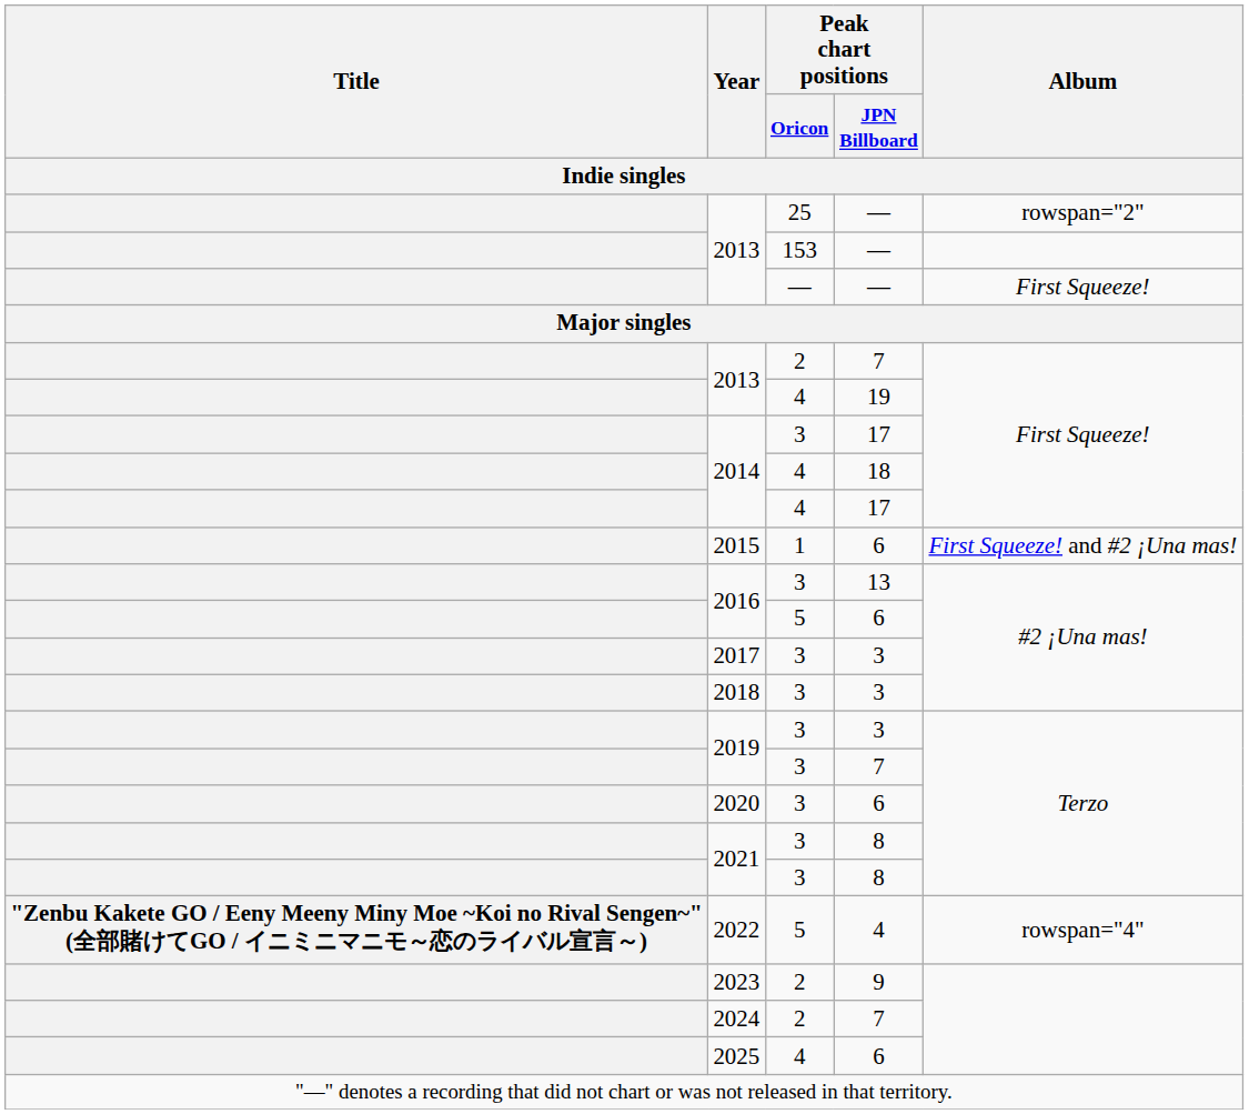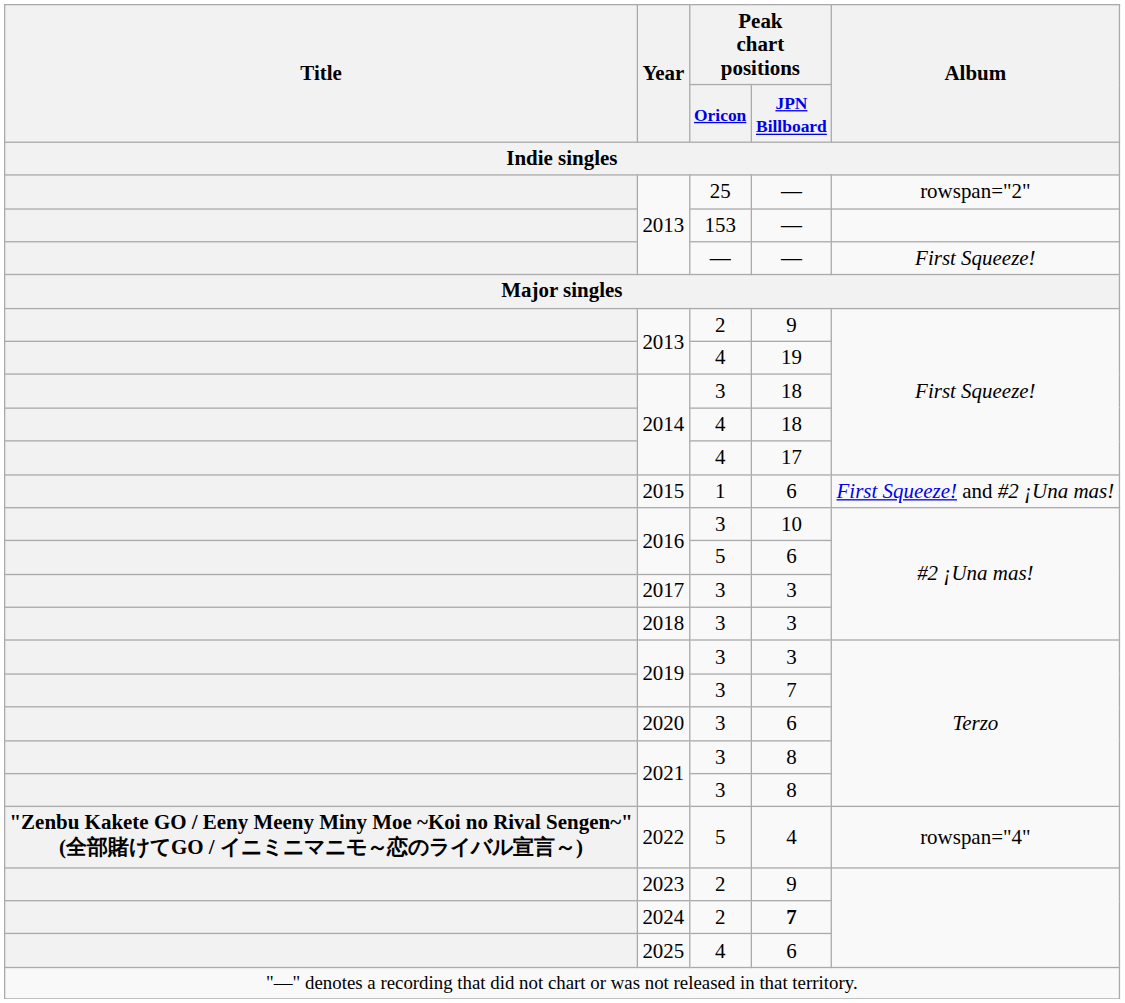 <table class="wikitable plainrowheaders" style="text-align:center;">
 <tr>
 <th scope="col" rowspan="2">Title</th>
 <th scope="col" rowspan="2">Year</th>
 <th scope="col" colspan="2">Peak <br> chart <br> positions</th>
 <th scope="col" rowspan="2">Album</th>
 </tr>
 <tr>
 <th scope="col" colspan="1"><small><a href='#'>Oricon</a></small><br></th>
 <th scope="col"><small><a href='#'>JPN<br>Billboard</a></small><br></th>
 </tr>
 <tr>
 <th colspan="5">Indie singles</th>
 </tr>
 <tr>
 <th scope="row"></th>
 <td rowspan="3">2013</td>
 <td>25</td>
 <td>—</td>
 <td>rowspan="2" </td>
 </tr>
 <tr>
 <th scope="row"></th>
 <td>153</td>
 <td>—</td>
 </tr>
 <tr>
 <th scope="row"></th>
 <td>—</td>
 <td>—</td>
 <td><em>First Squeeze!</em></td>
 </tr>
 <tr>
 <th colspan="5">Major singles</th>
 </tr>
 <tr>
 <th scope="row"></th>
 <td rowspan="2">2013</td>
 <td>2</td>
-<td>7</td>
+<td>9</td>
 <td rowspan="5"><em>First Squeeze!</em></td>
 </tr>
 <tr>
 <th scope="row"></th>
 <td>4</td>
 <td>19</td>
 </tr>
 <tr>
 <th scope="row"></th>
 <td rowspan="3">2014</td>
 <td>3</td>
-<td>17</td>
+<td>18</td>
 </tr>
 <tr>
 <th scope="row"></th>
 <td>4</td>
 <td>18</td>
 </tr>
 <tr>
 <th scope="row"></th>
 <td>4</td>
 <td>17</td>
 </tr>
 <tr>
 <th scope="row"></th>
 <td>2015</td>
 <td>1</td>
 <td>6</td>
 <td><em><a href='#'>First Squeeze!</a></em> and <em>#2 ¡Una mas!</em></td>
 </tr>
 <tr>
 <th scope="row"></th>
 <td rowspan="2">2016</td>
 <td>3</td>
-<td>13</td>
+<td>10</td>
 <td rowspan="4"><em>#2 ¡Una mas!</em></td>
 </tr>
 <tr>
 <th scope="row"></th>
 <td>5</td>
 <td>6</td>
 </tr>
 <tr>
 <th scope="row"></th>
 <td>2017</td>
 <td>3</td>
 <td>3</td>
 </tr>
 <tr>
 <th scope="row"></th>
 <td>2018</td>
 <td>3</td>
 <td>3</td>
 </tr>
 <tr>
 <th scope="row"></th>
 <td rowspan="2">2019</td>
 <td>3</td>
 <td>3</td>
 <td rowspan="5"><em>Terzo</em></td>
 </tr>
 <tr>
 <th scope="row"></th>
 <td>3</td>
 <td>7</td>
 </tr>
 <tr>
 <th scope="row"></th>
 <td>2020</td>
 <td>3</td>
 <td>6</td>
 </tr>
 <tr>
 <th scope="row"></th>
 <td rowspan="2">2021</td>
 <td>3</td>
 <td>8</td>
 </tr>
 <tr>
 <th scope="row"></th>
 <td>3</td>
 <td>8</td>
 </tr>
 <tr>
 <th scope="row">"Zenbu Kakete GO / Eeny Meeny Miny Moe ~Koi no Rival Sengen~" <br>(全部賭けてGO / イニミニマニモ～恋のライバル宣言～)</th>
 <td>2022</td>
 <td>5</td>
 <td>4</td>
 <td>rowspan="4" </td>
 </tr>
 <tr>
 <th scope="row"></th>
 <td>2023</td>
 <td>2</td>
 <td>9</td>
 </tr>
 <tr>
 <th scope="row"></th>
 <td>2024</td>
 <td>2</td>
-<td>7</td>
+<td><strong>7</strong></td>
 </tr>
 <tr>
 <th scope="row"></th>
 <td>2025</td>
 <td>4</td>
 <td>6</td>
 </tr>
 <tr>
 <td align="center" colspan="5" style="font-size:90%">"—" denotes a recording that did not chart or was not released in that territory.</td>
 </tr>
 </table>
